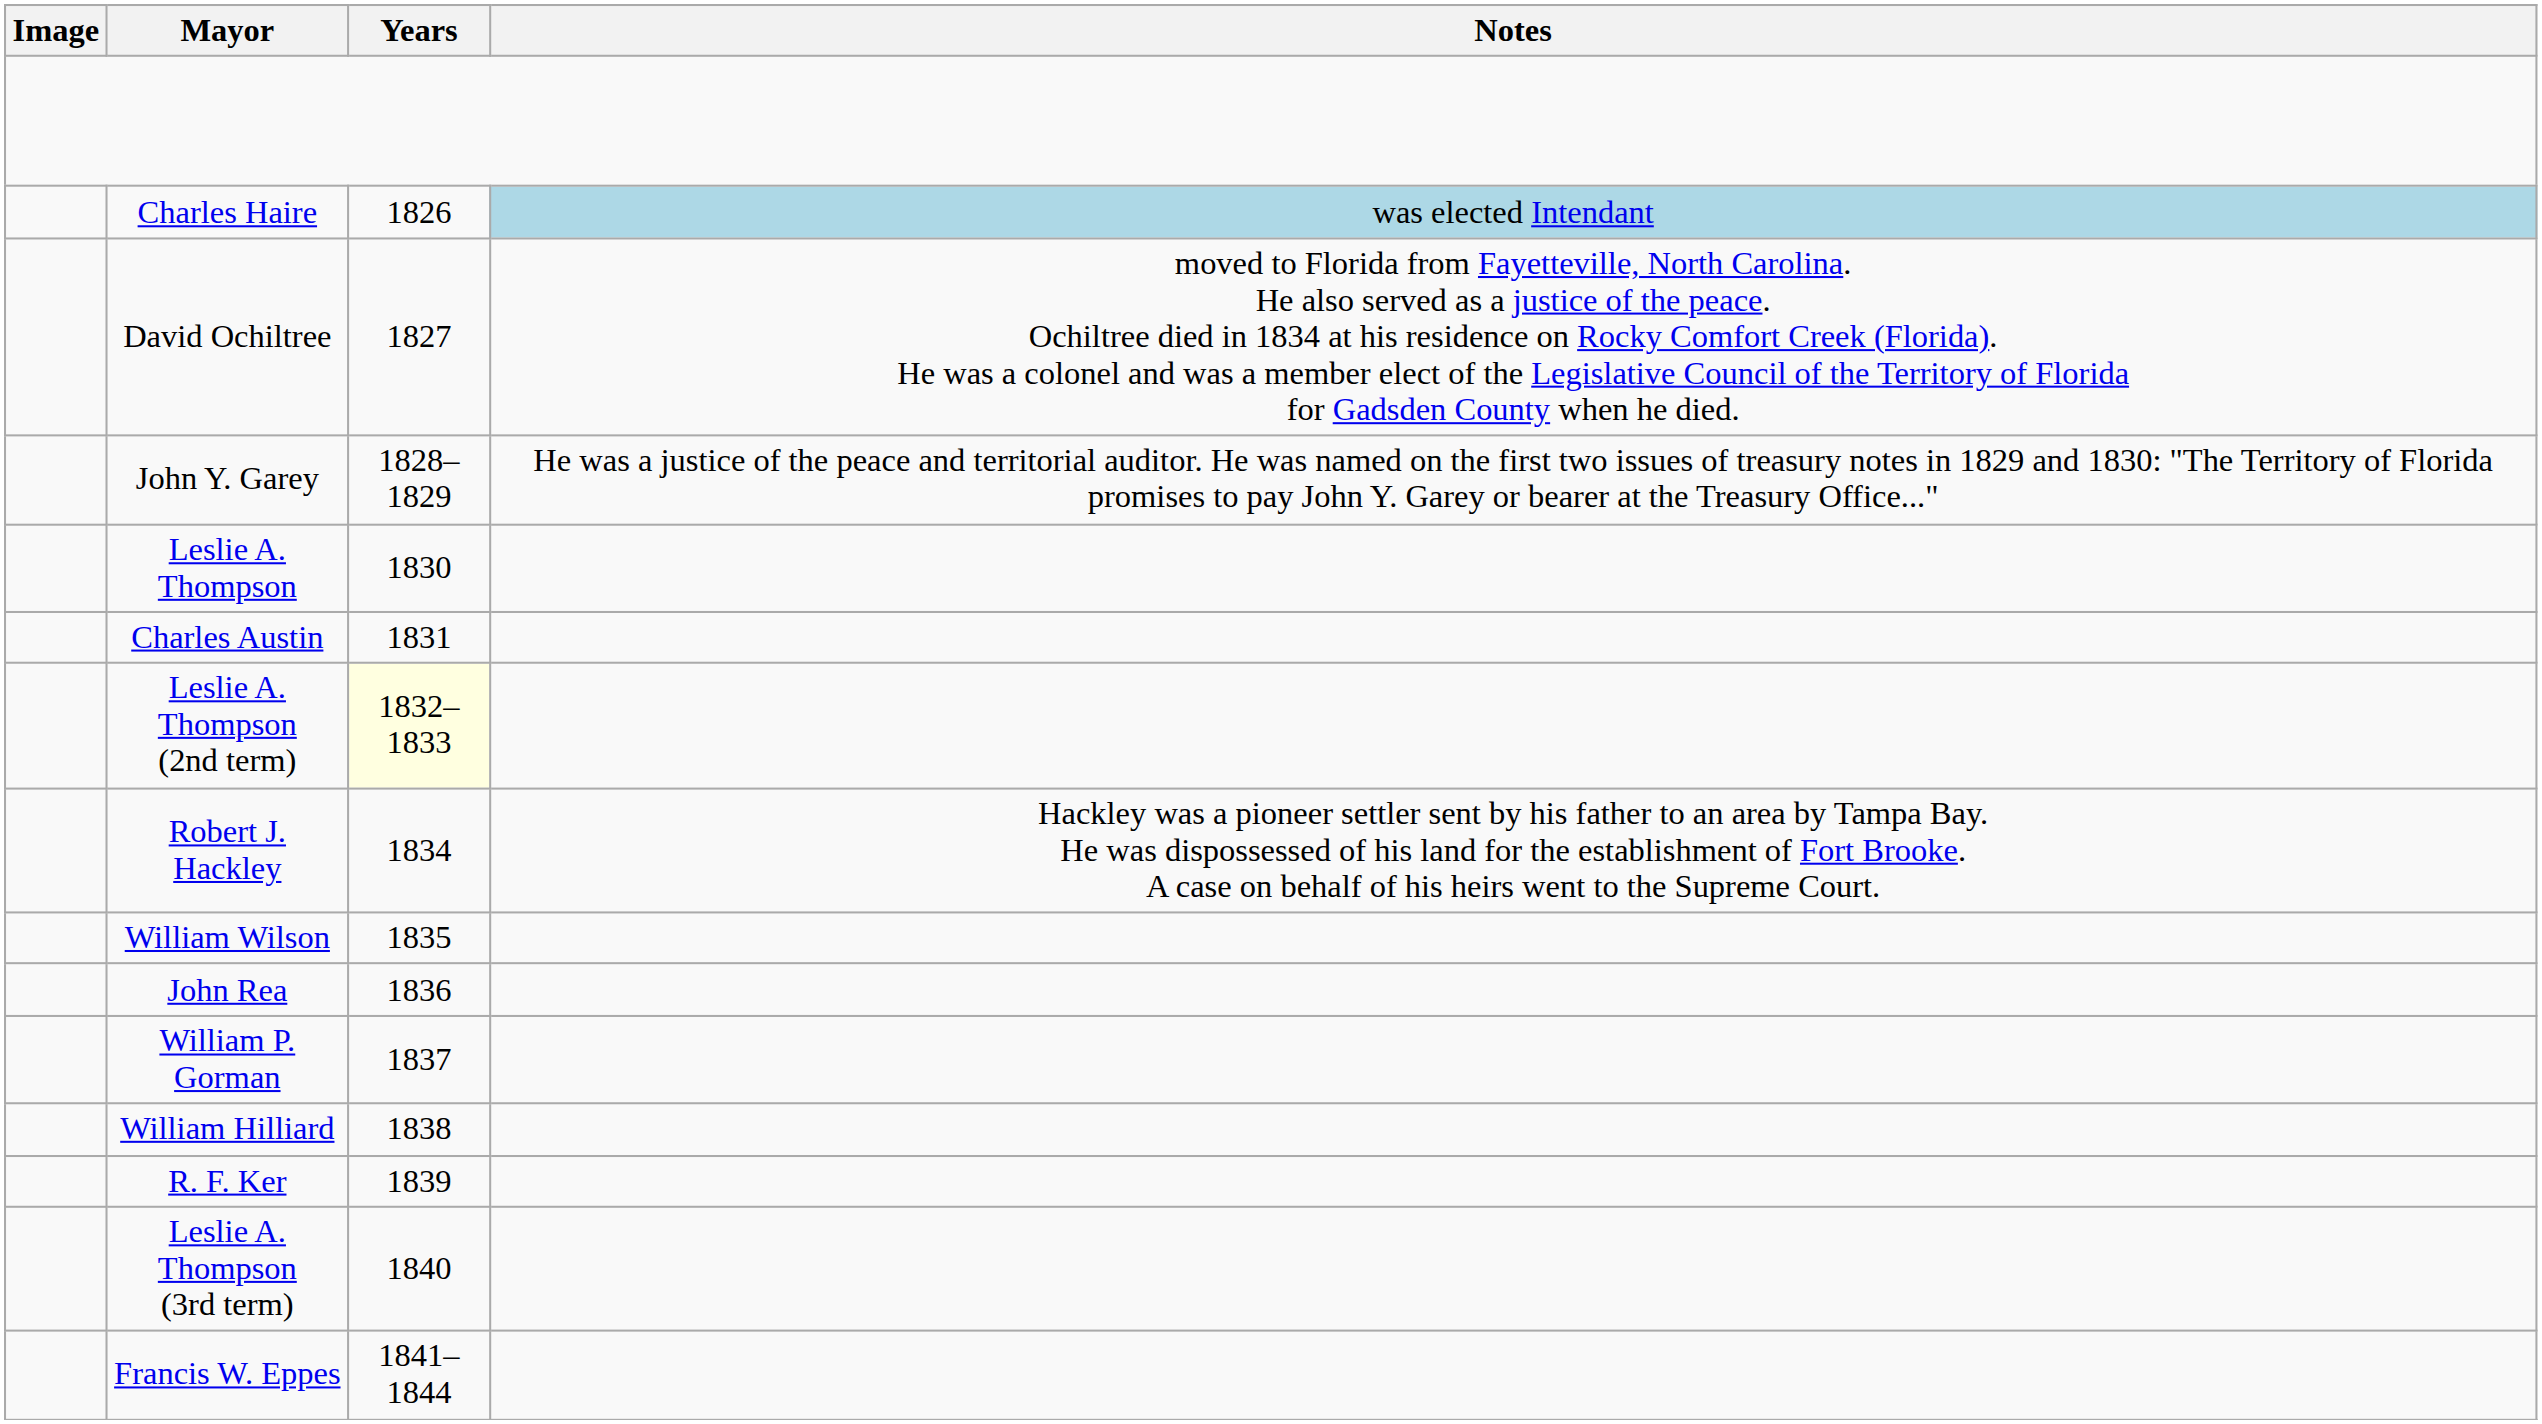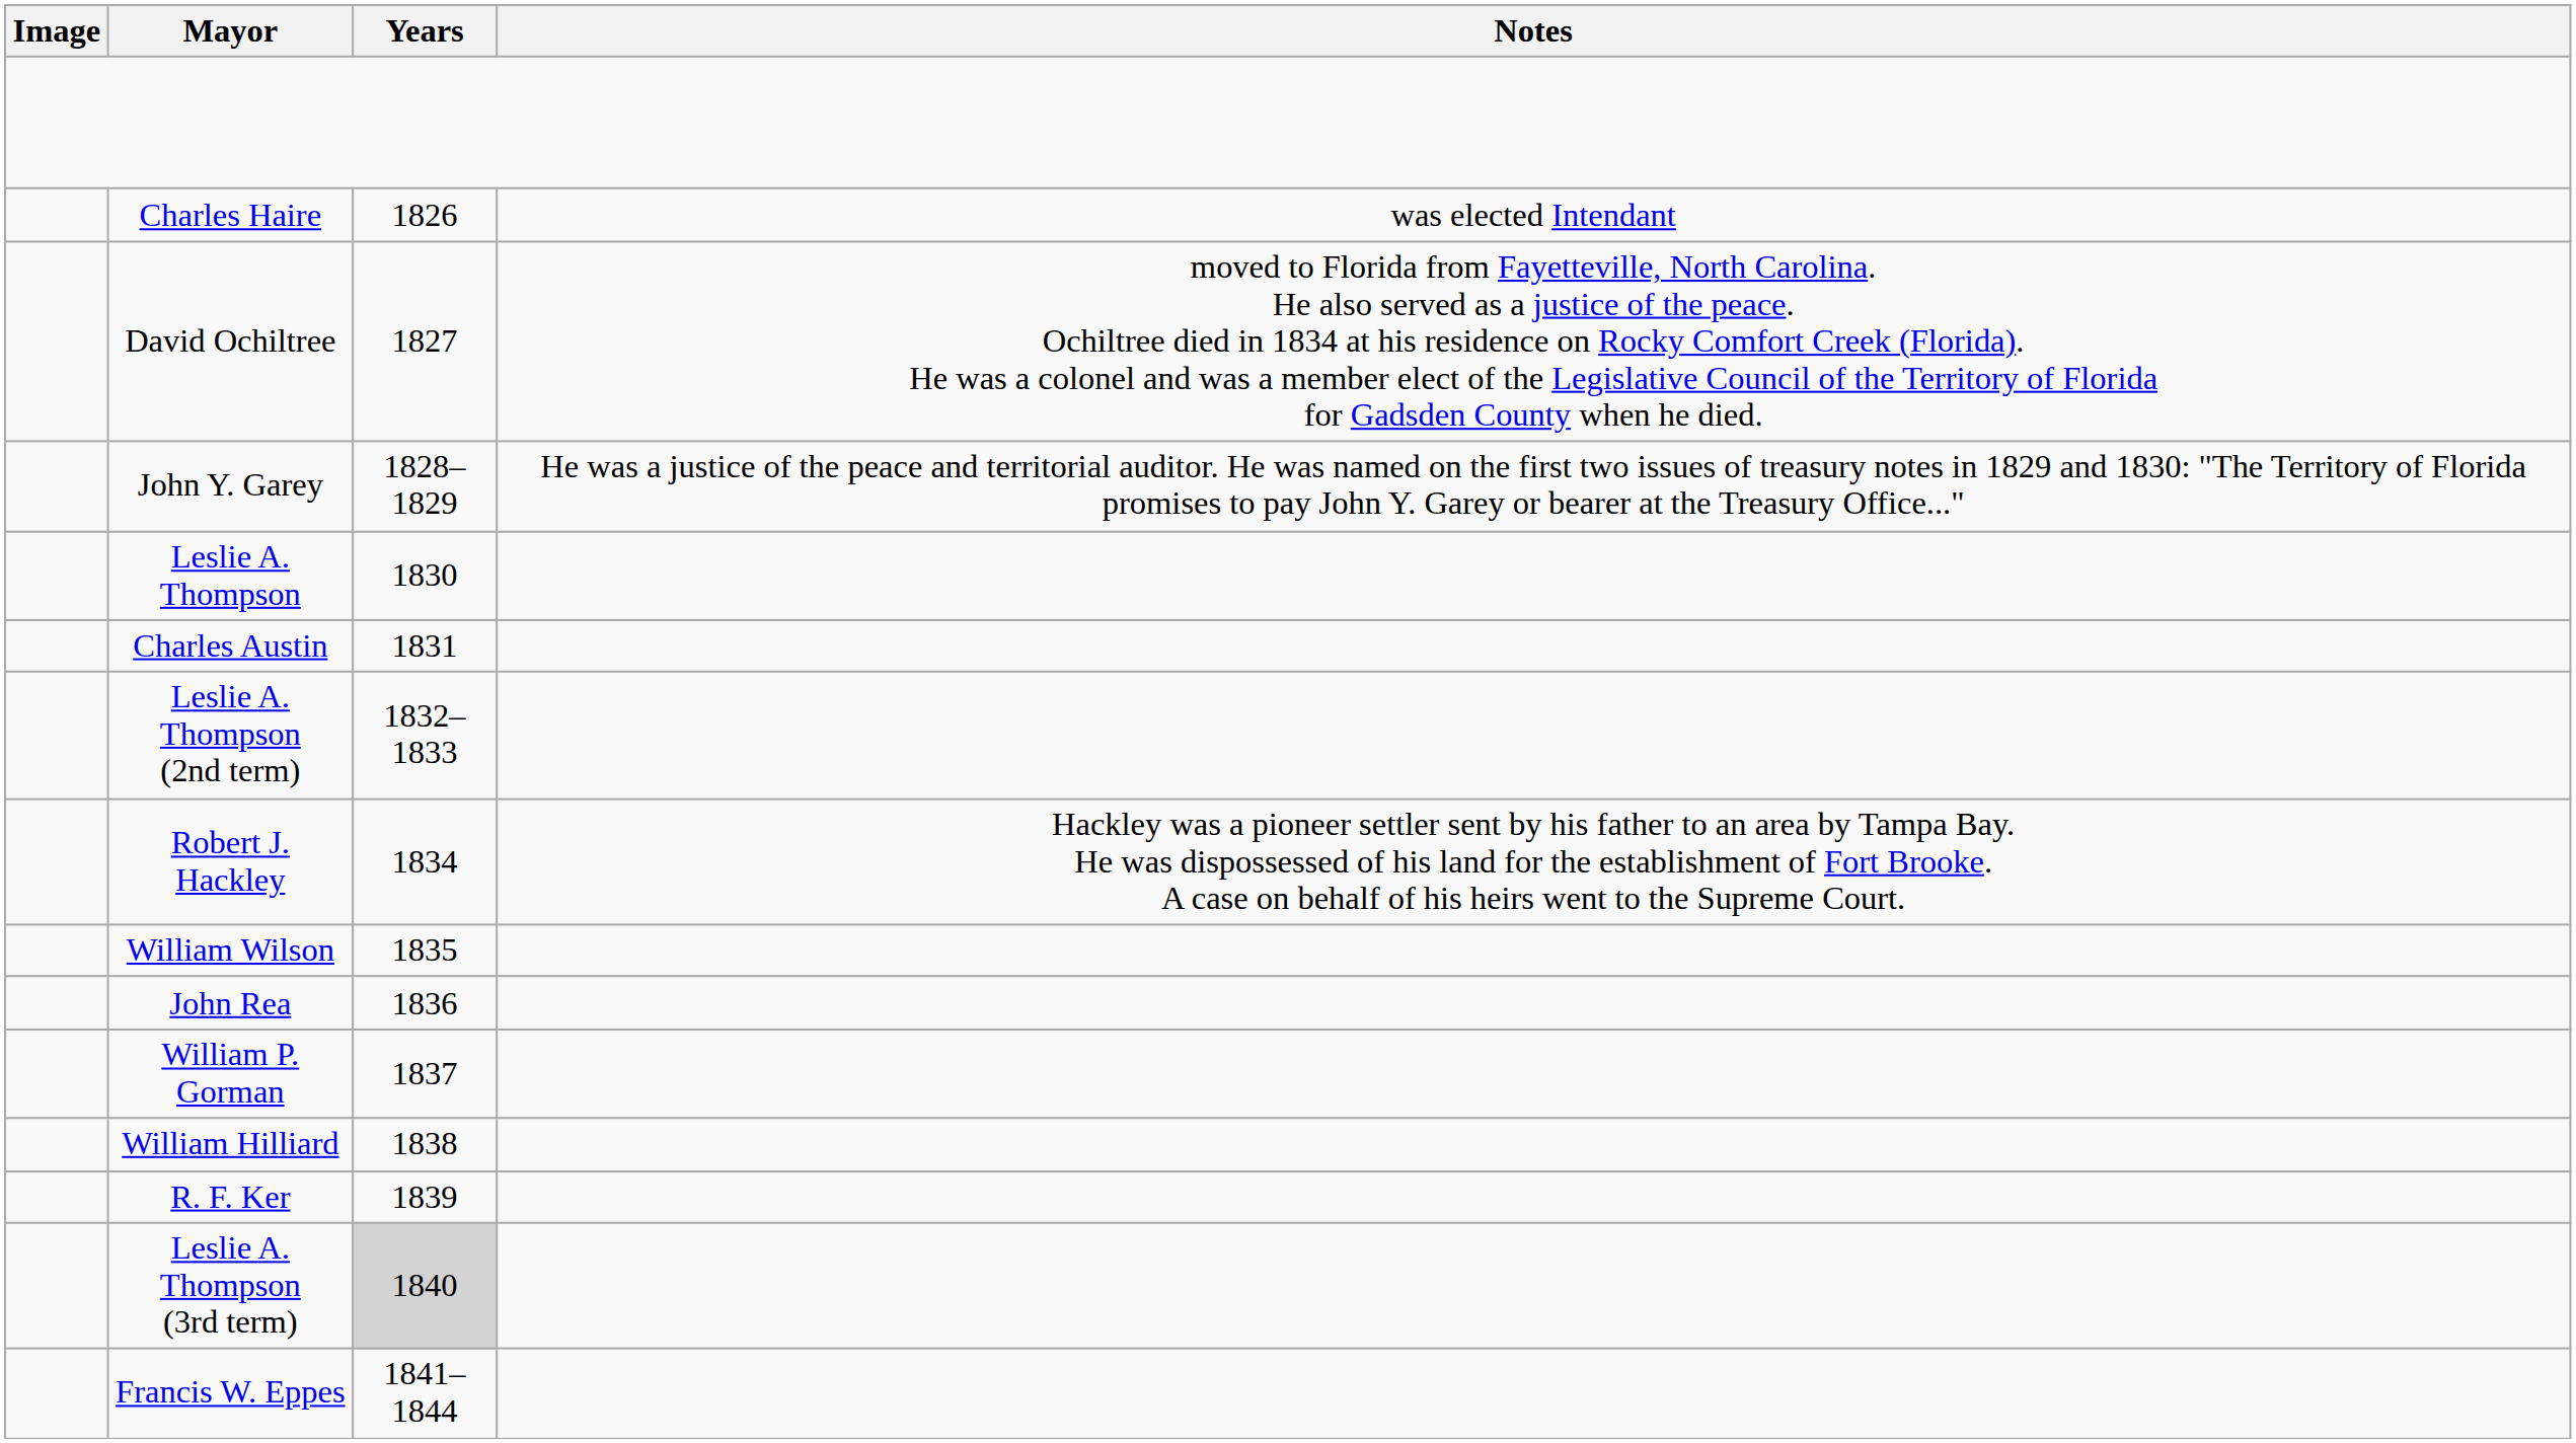 <table class="wikitable" style="text-align:center">
 <tr>
 <th>Image</th>
 <th>Mayor</th>
 <th>Years</th>
 <th>Notes</th>
 </tr>
 <tr style="height:4em">
 </tr>
 <tr>
 <td></td>
 <td><a href='#'>Charles Haire</a></td>
 <td>1826</td>
-<td style="background: lightblue;"> was elected <a href='#'>Intendant</a></td>
+<td> was elected <a href='#'>Intendant</a></td>
 </tr>
 <tr>
 <td></td>
 <td>David Ochiltree</td>
 <td>1827</td>
 <td>moved to Florida from <a href='#'>Fayetteville, North Carolina</a>.<br> He also served as a <a href='#'>justice of the peace</a>.<br> Ochiltree died in 1834 at his residence on <a href='#'>Rocky Comfort Creek (Florida)</a>.<br> He was a colonel and was a member elect of the <a href='#'>Legislative Council of the Territory of Florida</a><br> for <a href='#'>Gadsden County</a> when he died.</td>
 </tr>
 <tr>
 <td></td>
 <td>John Y. Garey</td>
 <td>1828–1829</td>
 <td>He was a justice of the peace and territorial auditor. He was named on the first two issues of treasury notes in 1829 and 1830: "The Territory of Florida promises to pay John Y. Garey or bearer at the Treasury Office..."</td>
 </tr>
 <tr>
 <td></td>
 <td><a href='#'>Leslie A. Thompson</a></td>
 <td>1830</td>
 <td></td>
 </tr>
 <tr>
 <td></td>
 <td><a href='#'>Charles Austin</a></td>
 <td>1831</td>
 <td></td>
 </tr>
 <tr>
 <td></td>
 <td><a href='#'>Leslie A. Thompson</a><br> (2nd term)</td>
-<td style="background: lightyellow;">1832–1833</td>
+<td>1832–1833</td>
 <td></td>
 </tr>
 <tr>
 <td></td>
 <td><a href='#'>Robert J. Hackley</a></td>
 <td>1834</td>
 <td>Hackley was a pioneer settler sent by his father to an area by Tampa Bay.<br> He was dispossessed of his land for the establishment of <a href='#'>Fort Brooke</a>.<br> A case on behalf of his heirs went to the Supreme Court.</td>
 </tr>
 <tr>
 <td></td>
 <td><a href='#'>William Wilson</a></td>
 <td>1835</td>
 <td></td>
 </tr>
 <tr>
 <td></td>
 <td><a href='#'>John Rea</a></td>
 <td>1836</td>
 <td></td>
 </tr>
 <tr>
 <td></td>
 <td><a href='#'>William P. Gorman</a></td>
 <td>1837</td>
 <td></td>
 </tr>
 <tr>
 <td></td>
 <td><a href='#'>William Hilliard</a></td>
 <td>1838</td>
 <td></td>
 </tr>
 <tr>
 <td></td>
 <td><a href='#'>R. F. Ker</a></td>
 <td>1839</td>
 <td></td>
 </tr>
 <tr>
 <td></td>
 <td><a href='#'>Leslie A. Thompson</a><br> (3rd term)</td>
-<td>1840</td>
+<td style="background: lightgrey;">1840</td>
 <td></td>
 </tr>
 <tr>
 <td></td>
 <td><a href='#'>Francis W. Eppes</a></td>
 <td>1841–1844</td>
 <td></td>
 </tr>
 <tr>
 </tr>
 </table>
